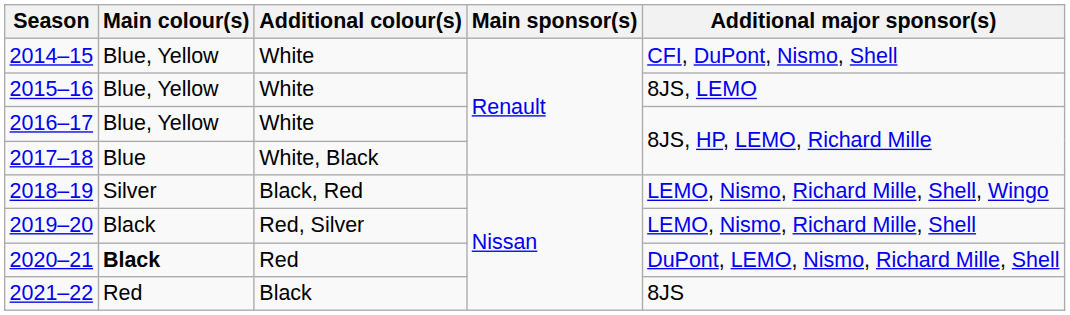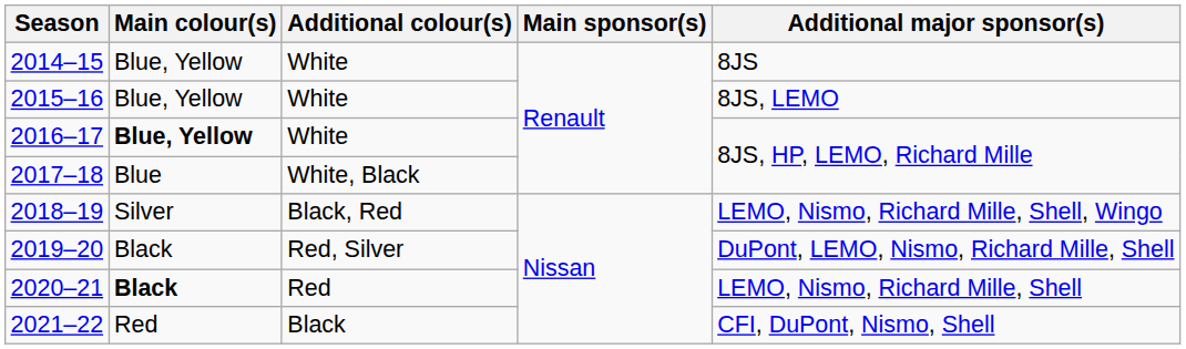 <table class="wikitable">
 <tr>
 <th>Season</th>
 <th>Main colour(s)</th>
 <th>Additional colour(s)</th>
 <th>Main sponsor(s)</th>
 <th>Additional major sponsor(s)</th>
 </tr>
 <tr>
 <td><a href='#'>2014–15</a></td>
 <td>Blue, Yellow</td>
 <td>White</td>
 <td rowspan="4"><a href='#'>Renault</a></td>
-<td><a href='#'>CFI</a>, <a href='#'>DuPont</a>, <a href='#'>Nismo</a>, <a href='#'>Shell</a></td>
+<td>8JS</td>
 </tr>
 <tr>
 <td><a href='#'>2015–16</a></td>
 <td>Blue, Yellow</td>
 <td>White</td>
 <td>8JS, <a href='#'>LEMO</a></td>
 </tr>
 <tr>
 <td><a href='#'>2016–17</a></td>
-<td>Blue, Yellow</td>
+<td><strong>Blue, Yellow</strong></td>
 <td>White</td>
 <td rowspan="2">8JS, <a href='#'>HP</a>, <a href='#'>LEMO</a>, <a href='#'>Richard Mille</a></td>
 </tr>
 <tr>
 <td><a href='#'>2017–18</a></td>
 <td>Blue</td>
 <td>White, Black</td>
 </tr>
 <tr>
 <td><a href='#'>2018–19</a></td>
 <td>Silver</td>
 <td>Black, Red</td>
 <td rowspan="4"><a href='#'>Nissan</a></td>
 <td><a href='#'>LEMO</a>, <a href='#'>Nismo</a>, <a href='#'>Richard Mille</a>, <a href='#'>Shell</a>, <a href='#'>Wingo</a></td>
 </tr>
 <tr>
 <td><a href='#'>2019–20</a></td>
 <td>Black</td>
 <td>Red, Silver</td>
-<td><a href='#'>LEMO</a>, <a href='#'>Nismo</a>, <a href='#'>Richard Mille</a>, <a href='#'>Shell</a></td>
+<td><a href='#'>DuPont</a>, <a href='#'>LEMO</a>, <a href='#'>Nismo</a>, <a href='#'>Richard Mille</a>, <a href='#'>Shell</a></td>
 </tr>
 <tr>
 <td><a href='#'>2020–21</a></td>
 <td><strong>Black</strong></td>
 <td>Red</td>
-<td><a href='#'>DuPont</a>, <a href='#'>LEMO</a>, <a href='#'>Nismo</a>, <a href='#'>Richard Mille</a>, <a href='#'>Shell</a></td>
+<td><a href='#'>LEMO</a>, <a href='#'>Nismo</a>, <a href='#'>Richard Mille</a>, <a href='#'>Shell</a></td>
 </tr>
 <tr>
 <td><a href='#'>2021–22</a></td>
 <td>Red</td>
 <td>Black</td>
-<td>8JS</td>
+<td><a href='#'>CFI</a>, <a href='#'>DuPont</a>, <a href='#'>Nismo</a>, <a href='#'>Shell</a></td>
 </tr>
 </table>
